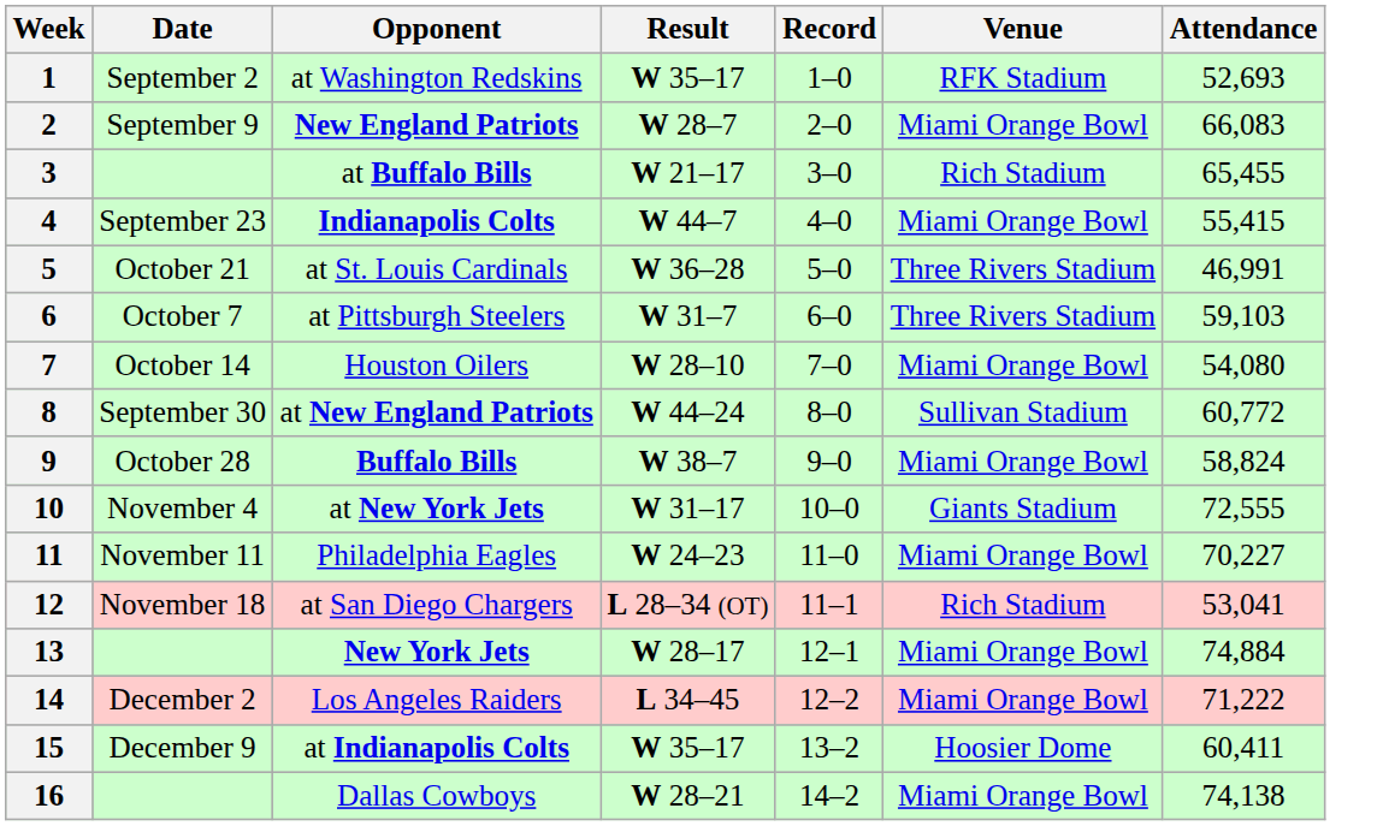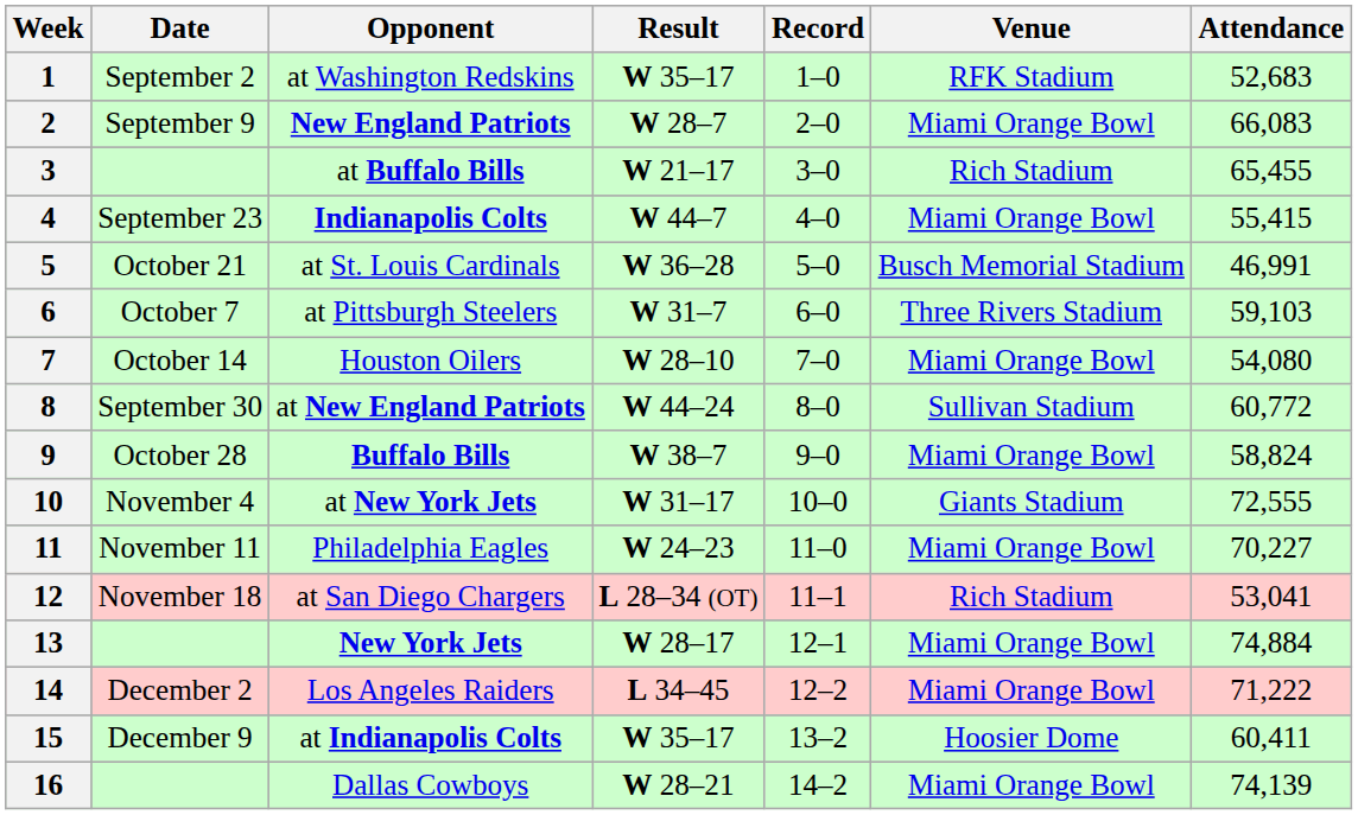 <table class="wikitable" style="text-align:center">
 <tr>
 <th>Week</th>
 <th>Date</th>
 <th>Opponent</th>
 <th>Result</th>
 <th>Record</th>
 <th>Venue</th>
 <th>Attendance</th>
 </tr>
 <tr style="background:#cfc">
 <th>1</th>
 <td>September 2</td>
 <td>at <a href='#'>Washington Redskins</a></td>
 <td><strong>W</strong> 35–17</td>
 <td>1–0</td>
 <td><a href='#'>RFK Stadium</a></td>
-<td>52,693</td>
+<td>52,683</td>
 </tr>
 <tr style="background:#cfc">
 <th>2</th>
 <td>September 9</td>
 <td><strong><a href='#'>New England Patriots</a></strong></td>
 <td><strong>W</strong> 28–7</td>
 <td>2–0</td>
 <td><a href='#'>Miami Orange Bowl</a></td>
 <td>66,083</td>
 </tr>
 <tr style="background:#cfc">
 <th>3</th>
 <td></td>
 <td>at <strong><a href='#'>Buffalo Bills</a></strong></td>
 <td><strong>W</strong> 21–17</td>
 <td>3–0</td>
 <td><a href='#'>Rich Stadium</a></td>
 <td>65,455</td>
 </tr>
 <tr style="background:#cfc">
 <th>4</th>
 <td>September 23</td>
 <td><strong><a href='#'>Indianapolis Colts</a></strong></td>
 <td><strong>W</strong> 44–7</td>
 <td>4–0</td>
 <td><a href='#'>Miami Orange Bowl</a></td>
 <td>55,415</td>
 </tr>
 <tr style="background:#cfc">
 <th>5</th>
 <td>October 21</td>
 <td>at <a href='#'>St. Louis Cardinals</a></td>
 <td><strong>W</strong> 36–28</td>
 <td>5–0</td>
-<td><a href='#'>Three Rivers Stadium</a></td>
+<td><a href='#'>Busch Memorial Stadium</a></td>
 <td>46,991</td>
 </tr>
 <tr style="background:#cfc">
 <th>6</th>
 <td>October 7</td>
 <td>at <a href='#'>Pittsburgh Steelers</a></td>
 <td><strong>W</strong> 31–7</td>
 <td>6–0</td>
 <td><a href='#'>Three Rivers Stadium</a></td>
 <td>59,103</td>
 </tr>
 <tr style="background:#cfc">
 <th>7</th>
 <td>October 14</td>
 <td><a href='#'>Houston Oilers</a></td>
 <td><strong>W</strong> 28–10</td>
 <td>7–0</td>
 <td><a href='#'>Miami Orange Bowl</a></td>
 <td>54,080</td>
 </tr>
 <tr style="background:#cfc">
 <th>8</th>
 <td>September 30</td>
 <td>at <strong><a href='#'>New England Patriots</a></strong></td>
 <td><strong>W</strong> 44–24</td>
 <td>8–0</td>
 <td><a href='#'>Sullivan Stadium</a></td>
 <td>60,772</td>
 </tr>
 <tr style="background:#cfc">
 <th>9</th>
 <td>October 28</td>
 <td><strong><a href='#'>Buffalo Bills</a></strong></td>
 <td><strong>W</strong> 38–7</td>
 <td>9–0</td>
 <td><a href='#'>Miami Orange Bowl</a></td>
 <td>58,824</td>
 </tr>
 <tr style="background:#cfc">
 <th>10</th>
 <td>November 4</td>
 <td>at <strong><a href='#'>New York Jets</a></strong></td>
 <td><strong>W</strong> 31–17</td>
 <td>10–0</td>
 <td><a href='#'>Giants Stadium</a></td>
 <td>72,555</td>
 </tr>
 <tr style="background:#cfc">
 <th>11</th>
 <td>November 11</td>
 <td><a href='#'>Philadelphia Eagles</a></td>
 <td><strong>W</strong> 24–23</td>
 <td>11–0</td>
 <td><a href='#'>Miami Orange Bowl</a></td>
 <td>70,227</td>
 </tr>
 <tr style="background:#fcc">
 <th>12</th>
 <td>November 18</td>
 <td>at <a href='#'>San Diego Chargers</a></td>
 <td><strong>L</strong> 28–34 <small>(OT)</small></td>
 <td>11–1</td>
 <td><a href='#'>Rich Stadium</a></td>
 <td>53,041</td>
 </tr>
 <tr style="background:#cfc">
 <th>13</th>
 <td></td>
 <td><strong><a href='#'>New York Jets</a></strong></td>
 <td><strong>W</strong> 28–17</td>
 <td>12–1</td>
 <td><a href='#'>Miami Orange Bowl</a></td>
 <td>74,884</td>
 </tr>
 <tr style="background:#fcc">
 <th>14</th>
 <td>December 2</td>
 <td><a href='#'>Los Angeles Raiders</a></td>
 <td><strong>L</strong> 34–45</td>
 <td>12–2</td>
 <td><a href='#'>Miami Orange Bowl</a></td>
 <td>71,222</td>
 </tr>
 <tr style="background:#cfc">
 <th>15</th>
 <td>December 9</td>
 <td>at <strong><a href='#'>Indianapolis Colts</a></strong></td>
 <td><strong>W</strong> 35–17</td>
 <td>13–2</td>
 <td><a href='#'>Hoosier Dome</a></td>
 <td>60,411</td>
 </tr>
 <tr style="background:#cfc">
 <th>16</th>
 <td></td>
 <td><a href='#'>Dallas Cowboys</a></td>
 <td><strong>W</strong> 28–21</td>
 <td>14–2</td>
 <td><a href='#'>Miami Orange Bowl</a></td>
-<td>74,138</td>
+<td>74,139</td>
 </tr>
 </table>
